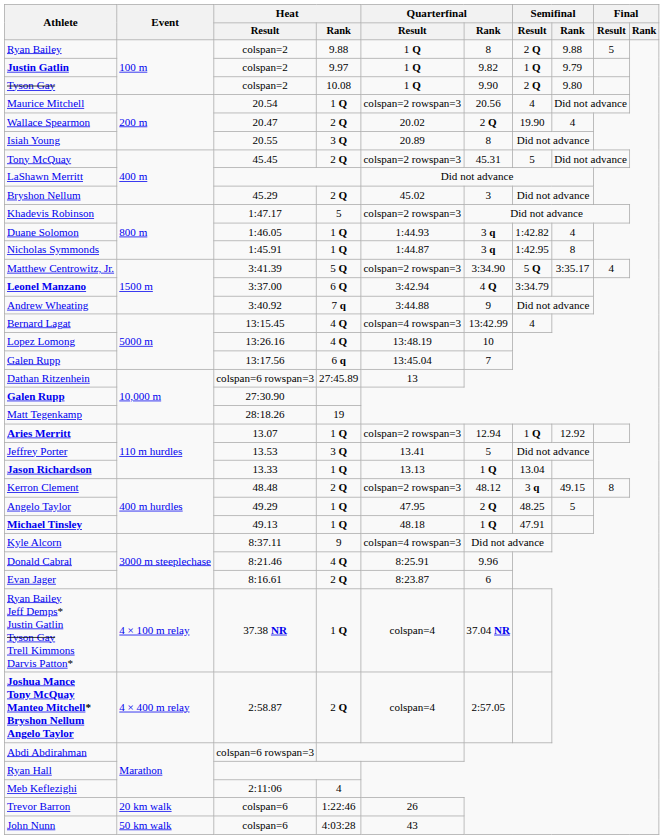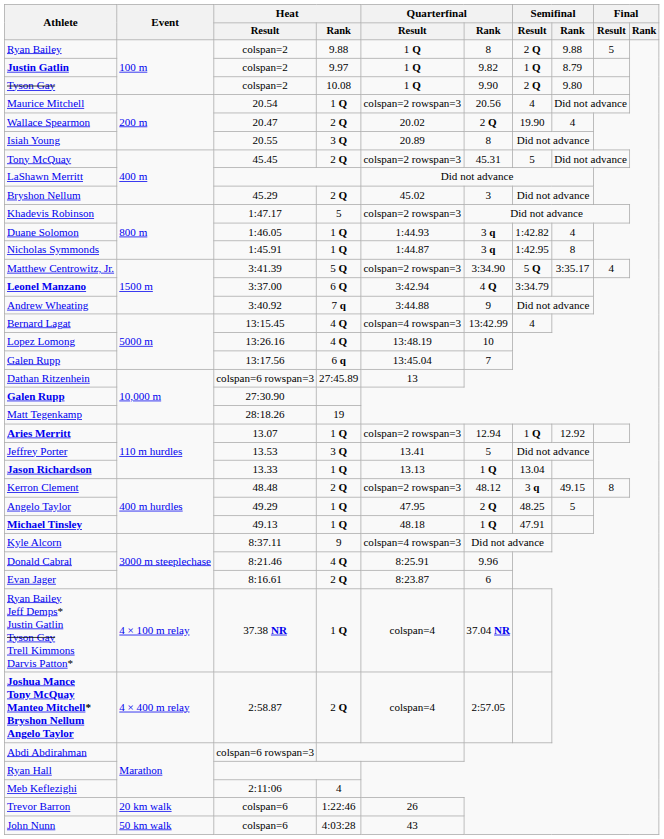 <table class=wikitable style=font-size:90%;text-align:center>
 <tr>
 <th rowspan=2>Athlete</th>
 <th rowspan=2>Event</th>
 <th colspan=2>Heat</th>
 <th colspan=2>Quarterfinal</th>
 <th colspan=2>Semifinal</th>
 <th colspan=2>Final</th>
 </tr>
 <tr style=font-size:95%>
 <th>Result</th>
 <th>Rank</th>
 <th>Result</th>
 <th>Rank</th>
 <th>Result</th>
 <th>Rank</th>
 <th>Result</th>
 <th>Rank</th>
 </tr>
 <tr>
 <td align=left><a href='#'>Ryan Bailey</a></td>
 <td align=left rowspan=3><a href='#'>100 m</a></td>
 <td>colspan=2 </td>
 <td>9.88</td>
 <td>1 <strong>Q</strong></td>
 <td>8</td>
 <td>2 <strong>Q</strong></td>
 <td>9.88</td>
 <td>5</td>
 </tr>
 <tr>
 <td align=left><strong><a href='#'>Justin Gatlin</a></strong></td>
 <td>colspan=2 </td>
 <td>9.97</td>
 <td>1 <strong>Q</strong></td>
 <td>9.82</td>
 <td>1 <strong>Q</strong></td>
-<td>9.79</td>
+<td>8.79</td>
 <td></td>
 </tr>
 <tr>
 <td align=left><s><a href='#'>Tyson Gay</a></s></td>
 <td>colspan=2 </td>
 <td>10.08</td>
 <td>1 <strong>Q</strong></td>
 <td>9.90</td>
 <td>2 <strong>Q</strong></td>
 <td>9.80</td>
 <td></td>
 </tr>
 <tr>
 <td align=left><a href='#'>Maurice Mitchell</a></td>
 <td align=left rowspan=3><a href='#'>200 m</a></td>
 <td>20.54</td>
 <td>1 <strong>Q</strong></td>
 <td>colspan=2 rowspan=3 </td>
 <td>20.56</td>
 <td>4</td>
 <td colspan=2>Did not advance</td>
 </tr>
 <tr>
 <td align=left><a href='#'>Wallace Spearmon</a></td>
 <td>20.47</td>
 <td>2 <strong>Q</strong></td>
 <td>20.02</td>
 <td>2 <strong>Q</strong></td>
 <td>19.90</td>
 <td>4</td>
 </tr>
 <tr>
 <td align=left><a href='#'>Isiah Young</a></td>
 <td>20.55</td>
 <td>3 <strong>Q</strong></td>
 <td>20.89</td>
 <td>8</td>
 <td colspan=2>Did not advance</td>
 </tr>
 <tr>
 <td align=left><a href='#'>Tony McQuay</a></td>
 <td align=left rowspan=3><a href='#'>400 m</a></td>
 <td>45.45</td>
 <td>2 <strong>Q</strong></td>
 <td>colspan=2 rowspan=3 </td>
 <td>45.31</td>
 <td>5</td>
 <td colspan=2>Did not advance</td>
 </tr>
 <tr>
 <td align=left><a href='#'>LaShawn Merritt</a></td>
 <td colspan=2></td>
 <td colspan=4>Did not advance</td>
 </tr>
 <tr>
 <td align=left><a href='#'>Bryshon Nellum</a></td>
 <td>45.29</td>
 <td>2 <strong>Q</strong></td>
 <td>45.02</td>
 <td>3</td>
 <td colspan=2>Did not advance</td>
 </tr>
 <tr>
 <td align=left><a href='#'>Khadevis Robinson</a></td>
 <td align=left rowspan=3><a href='#'>800 m</a></td>
 <td>1:47.17</td>
 <td>5</td>
 <td>colspan=2 rowspan=3 </td>
 <td colspan=4>Did not advance</td>
 </tr>
 <tr>
 <td align=left><a href='#'>Duane Solomon</a></td>
 <td>1:46.05</td>
 <td>1 <strong>Q</strong></td>
 <td>1:44.93</td>
 <td>3 <strong>q</strong></td>
 <td>1:42.82</td>
 <td>4</td>
 </tr>
 <tr>
 <td align=left><a href='#'>Nicholas Symmonds</a></td>
 <td>1:45.91</td>
 <td>1 <strong>Q</strong></td>
 <td>1:44.87</td>
 <td>3 <strong>q</strong></td>
 <td>1:42.95</td>
 <td>8</td>
 </tr>
 <tr>
 <td align=left><a href='#'>Matthew Centrowitz, Jr.</a></td>
 <td align=left rowspan=3><a href='#'>1500 m</a></td>
 <td>3:41.39</td>
 <td>5 <strong>Q</strong></td>
 <td>colspan=2 rowspan=3 </td>
 <td>3:34.90</td>
 <td>5 <strong>Q</strong></td>
 <td>3:35.17</td>
 <td>4</td>
 </tr>
 <tr>
 <td align=left><strong><a href='#'>Leonel Manzano</a></strong></td>
 <td>3:37.00</td>
 <td>6 <strong>Q</strong></td>
 <td>3:42.94</td>
 <td>4 <strong>Q</strong></td>
 <td>3:34.79</td>
 <td></td>
 </tr>
 <tr>
 <td align=left><a href='#'>Andrew Wheating</a></td>
 <td>3:40.92</td>
 <td>7 <strong>q</strong></td>
 <td>3:44.88</td>
 <td>9</td>
 <td colspan=2>Did not advance</td>
 </tr>
 <tr>
 <td align=left><a href='#'>Bernard Lagat</a></td>
 <td align=left rowspan=3><a href='#'>5000 m</a></td>
 <td>13:15.45</td>
 <td>4 <strong>Q</strong></td>
 <td>colspan=4 rowspan=3 </td>
 <td>13:42.99</td>
 <td>4</td>
 </tr>
 <tr>
 <td align=left><a href='#'>Lopez Lomong</a></td>
 <td>13:26.16</td>
 <td>4 <strong>Q</strong></td>
 <td>13:48.19</td>
 <td>10</td>
 </tr>
 <tr>
 <td align=left><a href='#'>Galen Rupp</a></td>
 <td>13:17.56</td>
 <td>6 <strong>q</strong></td>
 <td>13:45.04</td>
 <td>7</td>
 </tr>
 <tr>
 <td align=left><a href='#'>Dathan Ritzenhein</a></td>
 <td align=left rowspan=3><a href='#'>10,000 m</a></td>
 <td>colspan=6 rowspan=3 </td>
 <td>27:45.89</td>
 <td>13</td>
 </tr>
 <tr>
 <td align=left><strong><a href='#'>Galen Rupp</a></strong></td>
 <td>27:30.90</td>
 <td></td>
 </tr>
 <tr>
 <td align=left><a href='#'>Matt Tegenkamp</a></td>
 <td>28:18.26</td>
 <td>19</td>
 </tr>
 <tr>
 <td align=left><strong><a href='#'>Aries Merritt</a></strong></td>
 <td align=left rowspan=3><a href='#'>110 m hurdles</a></td>
 <td>13.07</td>
 <td>1 <strong>Q</strong></td>
 <td>colspan=2 rowspan=3 </td>
 <td>12.94</td>
 <td>1 <strong>Q</strong></td>
 <td>12.92</td>
 <td></td>
 </tr>
 <tr>
 <td align=left><a href='#'>Jeffrey Porter</a></td>
 <td>13.53</td>
 <td>3 <strong>Q</strong></td>
 <td>13.41</td>
 <td>5</td>
 <td colspan=2>Did not advance</td>
 </tr>
 <tr>
 <td align=left><strong><a href='#'>Jason Richardson</a></strong></td>
 <td>13.33</td>
 <td>1 <strong>Q</strong></td>
 <td>13.13</td>
 <td>1 <strong>Q</strong></td>
 <td>13.04</td>
 <td></td>
 </tr>
 <tr>
 <td align=left><a href='#'>Kerron Clement</a></td>
 <td align=left rowspan=3><a href='#'>400 m hurdles</a></td>
 <td>48.48</td>
 <td>2 <strong>Q</strong></td>
 <td>colspan=2 rowspan=3 </td>
 <td>48.12</td>
 <td>3 <strong>q</strong></td>
 <td>49.15</td>
 <td>8</td>
 </tr>
 <tr>
 <td align=left><a href='#'>Angelo Taylor</a></td>
 <td>49.29</td>
 <td>1 <strong>Q</strong></td>
 <td>47.95</td>
 <td>2 <strong>Q</strong></td>
 <td>48.25</td>
 <td>5</td>
 </tr>
 <tr>
 <td align=left><strong><a href='#'>Michael Tinsley</a></strong></td>
 <td>49.13</td>
 <td>1 <strong>Q</strong></td>
 <td>48.18</td>
 <td>1 <strong>Q</strong></td>
 <td>47.91</td>
 <td></td>
 </tr>
 <tr>
 <td align=left><a href='#'>Kyle Alcorn</a></td>
 <td align=left rowspan=3><a href='#'>3000 m steeplechase</a></td>
 <td>8:37.11</td>
 <td>9</td>
 <td>colspan=4 rowspan=3 </td>
 <td colspan=2>Did not advance</td>
 </tr>
 <tr>
 <td align=left><a href='#'>Donald Cabral</a></td>
 <td>8:21.46</td>
 <td>4 <strong>Q</strong></td>
 <td>8:25.91</td>
 <td>9.96</td>
 </tr>
 <tr>
 <td align=left><a href='#'>Evan Jager</a></td>
 <td>8:16.61</td>
 <td>2 <strong>Q</strong></td>
 <td>8:23.87</td>
 <td>6</td>
 </tr>
 <tr>
 <td align=left><a href='#'>Ryan Bailey</a><br><a href='#'>Jeff Demps</a>*<br><a href='#'>Justin Gatlin</a><br><s><a href='#'>Tyson Gay</a></s><br><a href='#'>Trell Kimmons</a><br><a href='#'>Darvis Patton</a>*</td>
 <td align=left><a href='#'>4 × 100 m relay</a></td>
 <td>37.38 <strong><a href='#'>NR</a></strong></td>
 <td>1 <strong>Q</strong></td>
 <td>colspan=4 </td>
 <td>37.04 <strong><a href='#'>NR</a></strong></td>
 <td></td>
 </tr>
 <tr>
 <td align=left><strong><a href='#'>Joshua Mance</a><br><a href='#'>Tony McQuay</a><br><a href='#'>Manteo Mitchell</a>*<br><a href='#'>Bryshon Nellum</a><br><a href='#'>Angelo Taylor</a></strong></td>
 <td align=left><a href='#'>4 × 400 m relay</a></td>
 <td>2:58.87</td>
 <td>2 <strong>Q</strong></td>
 <td>colspan=4 </td>
 <td>2:57.05</td>
 <td></td>
 </tr>
 <tr>
 <td align=left><a href='#'>Abdi Abdirahman</a></td>
 <td align=left rowspan=3><a href='#'>Marathon</a></td>
 <td>colspan=6 rowspan=3 </td>
 <td colspan=2></td>
 </tr>
 <tr>
 <td align=left><a href='#'>Ryan Hall</a></td>
 <td colspan=2></td>
 </tr>
 <tr>
 <td align=left><a href='#'>Meb Keflezighi</a></td>
 <td>2:11:06</td>
 <td>4</td>
 </tr>
 <tr>
 <td align=left><a href='#'>Trevor Barron</a></td>
 <td align=left><a href='#'>20 km walk</a></td>
 <td>colspan=6 </td>
 <td>1:22:46</td>
 <td>26</td>
 </tr>
 <tr>
 <td align=left><a href='#'>John Nunn</a></td>
 <td align=left><a href='#'>50 km walk</a></td>
 <td>colspan=6 </td>
 <td>4:03:28</td>
 <td>43</td>
 </tr>
 </table>
